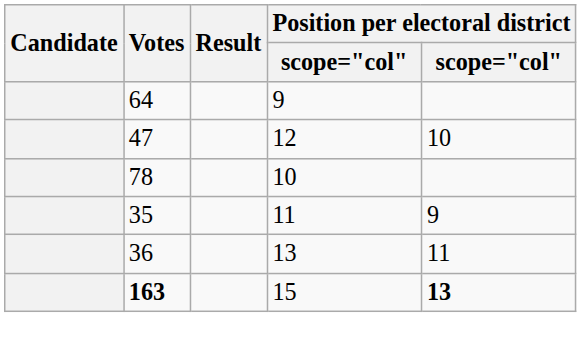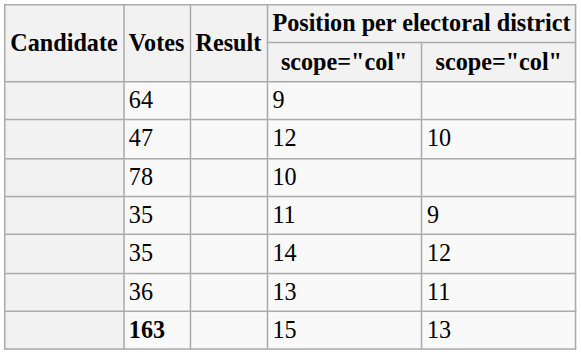 <table class="wikitable sortable defaultright col3left">
 <tr>
 <th scope="col" rowspan="2">Candidate</th>
 <th scope="col" rowspan="2">Votes</th>
 <th scope="col" rowspan="2">Result</th>
 <th scope="col" colspan="2">Position per electoral district</th>
 </tr>
 <tr>
 <th>scope="col" </th>
 <th>scope="col" </th>
 </tr>
 <tr>
 <th scope="row"></th>
 <td>64</td>
 <td></td>
 <td>9</td>
 <td></td>
 </tr>
 <tr>
 <th scope="row"></th>
 <td>47</td>
 <td></td>
 <td>12</td>
 <td>10</td>
 </tr>
 <tr>
 <th scope="row"></th>
 <td>78</td>
 <td></td>
 <td>10</td>
 <td></td>
 </tr>
 <tr>
 <th scope="row"></th>
 <td>35</td>
 <td></td>
 <td>11</td>
 <td>9</td>
 </tr>
 <tr>
 <th scope="row"></th>
+<td>35</td>
+<td></td>
+<td>14</td>
+<td>12</td>
+</tr>
+<tr>
+<th scope="row"></th>
 <td>36</td>
 <td></td>
 <td>13</td>
 <td>11</td>
 </tr>
 <tr>
 <th scope="row"></th>
 <td><strong>163</strong></td>
 <td></td>
 <td>15</td>
-<td><strong>13</strong></td>
+<td>13</td>
 </tr>
 </table>
